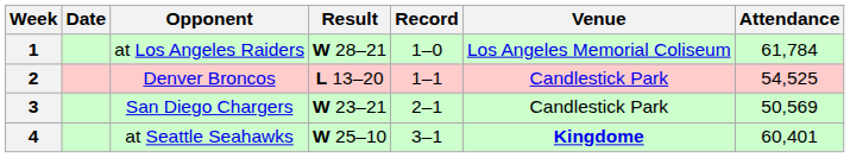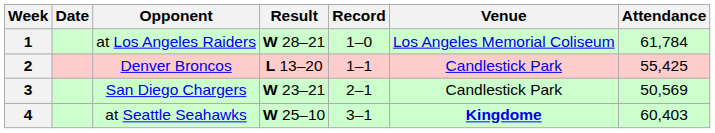 <table class="wikitable" style="text-align:center">
 <tr>
 <th>Week</th>
 <th>Date</th>
 <th>Opponent</th>
 <th>Result</th>
 <th>Record</th>
 <th>Venue</th>
 <th>Attendance</th>
 </tr>
 <tr style="background:#cfc">
 <th>1</th>
 <td></td>
 <td>at <a href='#'>Los Angeles Raiders</a></td>
 <td><strong>W</strong> 28–21</td>
 <td>1–0</td>
 <td><a href='#'>Los Angeles Memorial Coliseum</a></td>
 <td>61,784</td>
 </tr>
 <tr style="background:#fcc">
 <th>2</th>
 <td></td>
 <td><a href='#'>Denver Broncos</a></td>
 <td><strong>L</strong> 13–20</td>
 <td>1–1</td>
 <td><a href='#'>Candlestick Park</a></td>
-<td>54,525</td>
+<td>55,425</td>
 </tr>
 <tr style="background:#cfc">
 <th>3</th>
 <td></td>
 <td><a href='#'>San Diego Chargers</a></td>
 <td><strong>W</strong> 23–21</td>
 <td>2–1</td>
 <td>Candlestick Park</td>
 <td>50,569</td>
 </tr>
 <tr style="background:#cfc">
 <th>4</th>
 <td></td>
 <td>at <a href='#'>Seattle Seahawks</a></td>
 <td><strong>W</strong> 25–10</td>
 <td>3–1</td>
 <td><strong><a href='#'>Kingdome</a></strong></td>
-<td>60,401</td>
+<td>60,403</td>
 </tr>
 </table>
